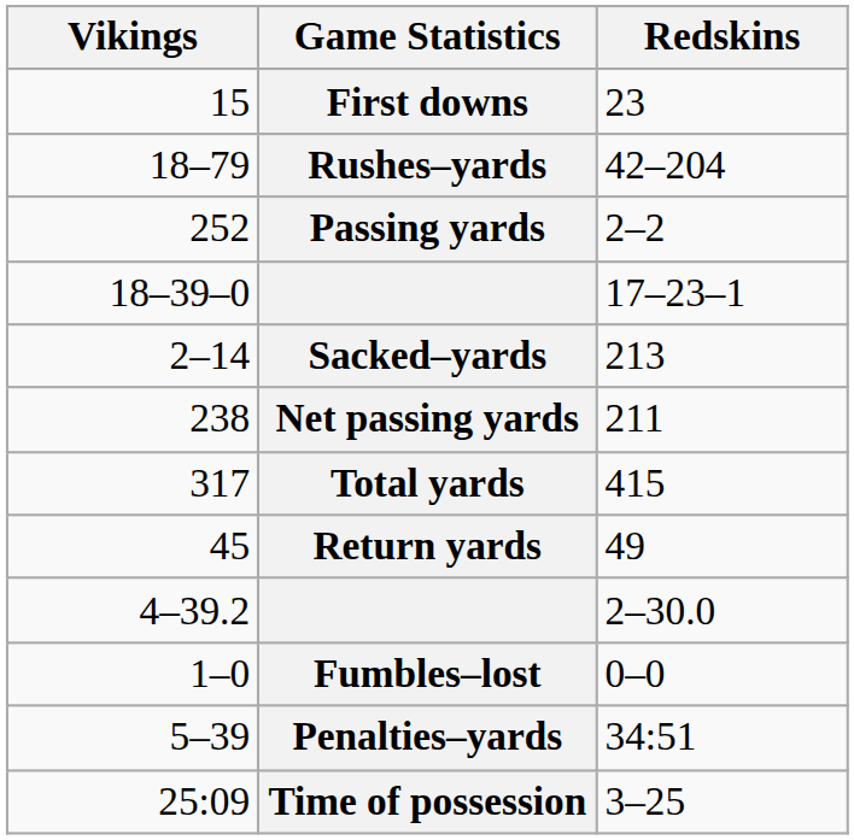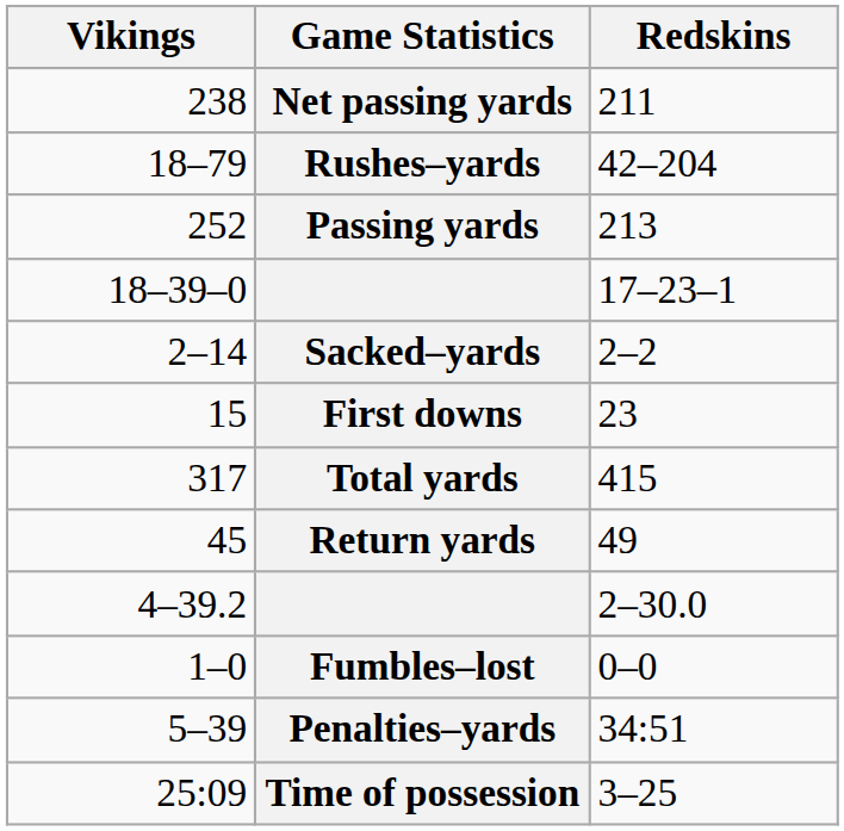 <table class="wikitable" style="margin: 1em auto 1em auto">
 <tr>
 <th style="width:30%;">Vikings</th>
 <th style="width:40%;">Game Statistics</th>
 <th style="width:30%;">Redskins</th>
 </tr>
 <tr>
-<td style="text-align:right;">15</td>
-<th>First downs</th>
-<td>23</td>
+<td style="text-align:right;">238</td>
+<th>Net passing yards</th>
+<td>211</td>
 </tr>
 <tr>
 <td style="text-align:right;">18–79</td>
 <th>Rushes–yards</th>
 <td>42–204</td>
 </tr>
 <tr>
 <td style="text-align:right;">252</td>
 <th>Passing yards</th>
-<td>2–2</td>
+<td>213</td>
 </tr>
 <tr>
 <td style="text-align:right;">18–39–0</td>
 <th></th>
 <td>17–23–1</td>
 </tr>
 <tr>
 <td style="text-align:right;">2–14</td>
 <th>Sacked–yards</th>
-<td>213</td>
+<td>2–2</td>
 </tr>
 <tr>
-<td style="text-align:right;">238</td>
-<th>Net passing yards</th>
-<td>211</td>
+<td style="text-align:right;">15</td>
+<th>First downs</th>
+<td>23</td>
 </tr>
 <tr>
 <td style="text-align:right;">317</td>
 <th>Total yards</th>
 <td>415</td>
 </tr>
 <tr>
 <td style="text-align:right;">45</td>
 <th>Return yards</th>
 <td>49</td>
 </tr>
 <tr>
 <td style="text-align:right;">4–39.2</td>
 <th></th>
 <td>2–30.0</td>
 </tr>
 <tr>
 <td style="text-align:right;">1–0</td>
 <th>Fumbles–lost</th>
 <td>0–0</td>
 </tr>
 <tr>
 <td style="text-align:right;">5–39</td>
 <th>Penalties–yards</th>
 <td>34:51</td>
 </tr>
 <tr>
 <td style="text-align:right;">25:09</td>
 <th>Time of possession</th>
 <td>3–25</td>
 </tr>
 </table>
